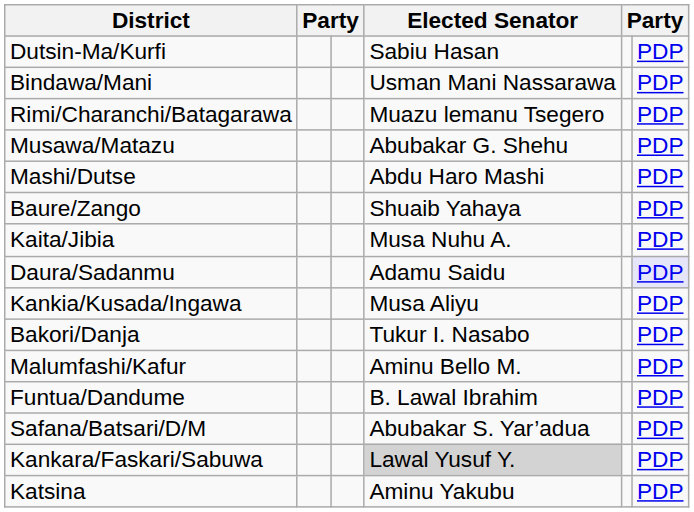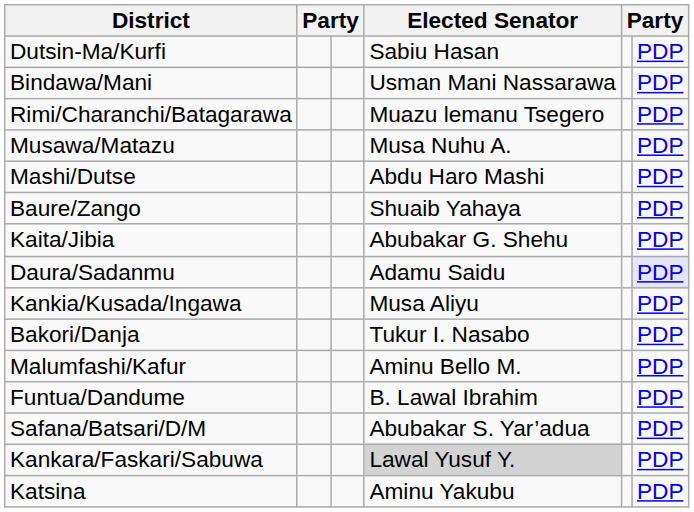 <table class="sortable wikitable" style="font-size:95%;line-height:14px;">
 <tr>
 <th class="unsortable">District</th>
 <th colspan="2">Party</th>
 <th class="unsortable">Elected Senator</th>
 <th colspan="2">Party</th>
 </tr>
 <tr>
 <td>Dutsin-Ma/Kurfi</td>
 <td></td>
 <td></td>
 <td>Sabiu Hasan</td>
 <td style="background:"></td>
 <td><a href='#'>PDP</a></td>
 </tr>
 <tr>
 <td>Bindawa/Mani</td>
 <td></td>
 <td></td>
 <td>Usman Mani Nassarawa</td>
 <td style="background:"></td>
 <td><a href='#'>PDP</a></td>
 </tr>
 <tr>
 <td>Rimi/Charanchi/Batagarawa</td>
 <td></td>
 <td></td>
 <td>Muazu lemanu Tsegero</td>
 <td style="background:"></td>
 <td><a href='#'>PDP</a></td>
 </tr>
 <tr>
 <td>Musawa/Matazu</td>
 <td></td>
 <td></td>
-<td>Abubakar G. Shehu</td>
+<td>Musa Nuhu A.</td>
 <td style="background:"></td>
 <td><a href='#'>PDP</a></td>
 </tr>
 <tr>
 <td>Mashi/Dutse</td>
 <td></td>
 <td></td>
 <td>Abdu Haro Mashi</td>
 <td style="background:"></td>
 <td><a href='#'>PDP</a></td>
 </tr>
 <tr>
 <td>Baure/Zango</td>
 <td></td>
 <td></td>
 <td>Shuaib Yahaya</td>
 <td style="background:"></td>
 <td><a href='#'>PDP</a></td>
 </tr>
 <tr>
 <td>Kaita/Jibia</td>
 <td></td>
 <td></td>
-<td>Musa Nuhu A.</td>
+<td>Abubakar G. Shehu</td>
 <td style="background:"></td>
 <td><a href='#'>PDP</a></td>
 </tr>
 <tr>
 <td>Daura/Sadanmu</td>
 <td></td>
 <td></td>
 <td>Adamu Saidu</td>
 <td style="background:"></td>
 <td style="background: lavender;"><a href='#'>PDP</a></td>
 </tr>
 <tr>
 <td>Kankia/Kusada/Ingawa</td>
 <td></td>
 <td></td>
 <td>Musa Aliyu</td>
 <td style="background:"></td>
 <td><a href='#'>PDP</a></td>
 </tr>
 <tr>
 <td>Bakori/Danja</td>
 <td></td>
 <td></td>
 <td>Tukur I. Nasabo</td>
 <td style="background:"></td>
 <td><a href='#'>PDP</a></td>
 </tr>
 <tr>
 <td>Malumfashi/Kafur</td>
 <td></td>
 <td></td>
 <td>Aminu Bello M.</td>
 <td style="background:"></td>
 <td><a href='#'>PDP</a></td>
 </tr>
 <tr>
 <td>Funtua/Dandume</td>
 <td></td>
 <td></td>
 <td>B. Lawal Ibrahim</td>
 <td style="background:"></td>
 <td><a href='#'>PDP</a></td>
 </tr>
 <tr>
 <td>Safana/Batsari/D/M</td>
 <td></td>
 <td></td>
 <td>Abubakar S. Yar’adua</td>
 <td style="background:"></td>
 <td><a href='#'>PDP</a></td>
 </tr>
 <tr>
 <td>Kankara/Faskari/Sabuwa</td>
 <td></td>
 <td></td>
 <td style="background: lightgrey;">Lawal Yusuf Y.</td>
 <td style="background:"></td>
 <td><a href='#'>PDP</a></td>
 </tr>
 <tr>
 <td>Katsina</td>
 <td></td>
 <td></td>
 <td>Aminu Yakubu</td>
 <td style="background:"></td>
 <td><a href='#'>PDP</a></td>
 </tr>
 </table>
